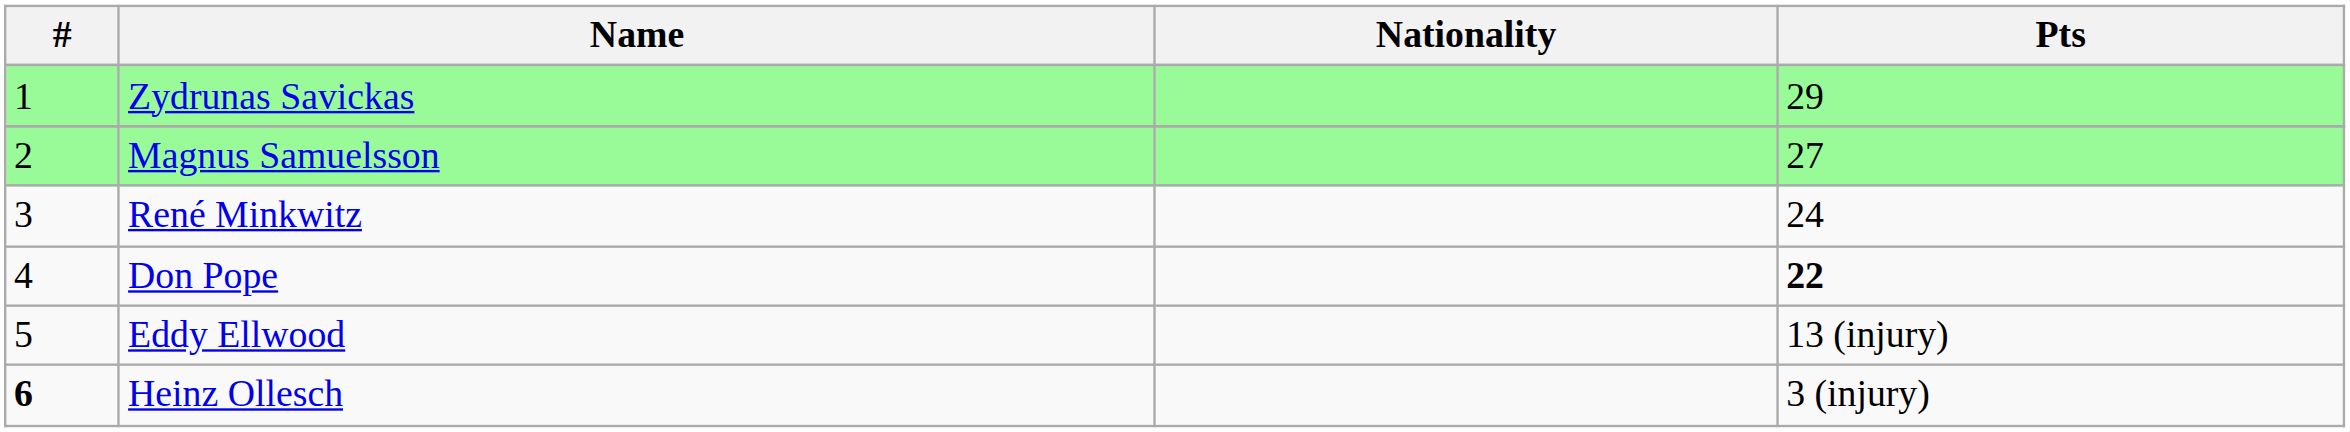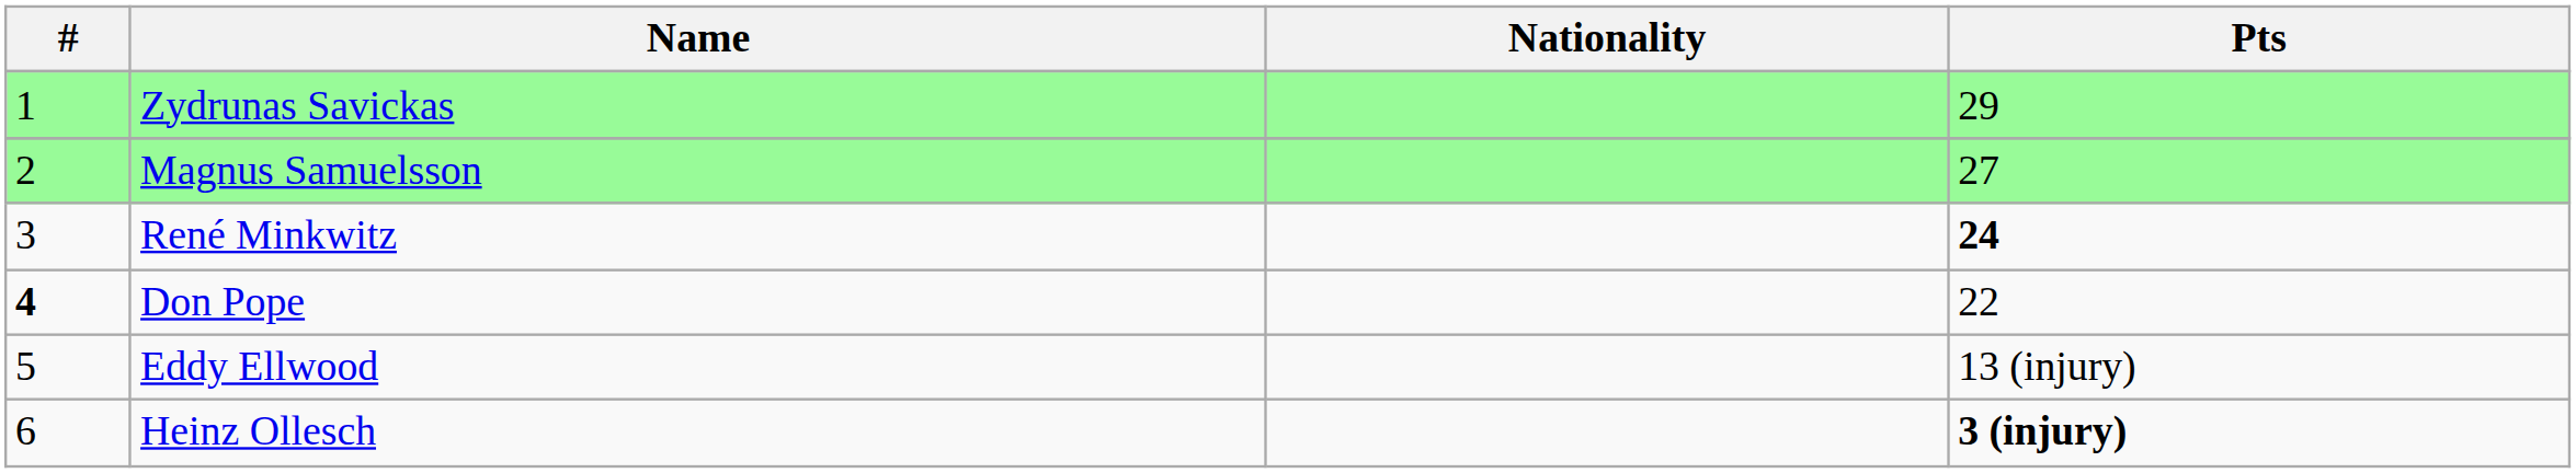 <table class="wikitable" style="display: inline-table; width: 50%;">
 <tr>
 <th>#</th>
 <th>Name</th>
 <th>Nationality</th>
 <th>Pts</th>
 </tr>
 <tr>
 </tr>
 <tr style="background:palegreen;">
 <td>1</td>
 <td><a href='#'>Zydrunas Savickas</a></td>
 <td></td>
 <td>29</td>
 </tr>
 <tr>
 </tr>
 <tr style="background:palegreen;">
 <td>2</td>
 <td><a href='#'>Magnus Samuelsson</a></td>
 <td></td>
 <td>27</td>
 </tr>
 <tr>
 <td>3</td>
 <td><a href='#'>René Minkwitz</a></td>
 <td></td>
-<td>24</td>
+<td><strong>24</strong></td>
 </tr>
 <tr>
-<td>4</td>
+<td><strong>4</strong></td>
 <td><a href='#'>Don Pope</a></td>
 <td></td>
-<td><strong>22</strong></td>
+<td>22</td>
 </tr>
 <tr>
 <td>5</td>
 <td><a href='#'>Eddy Ellwood</a></td>
 <td></td>
 <td>13 (injury)</td>
 </tr>
 <tr>
-<td><strong>6</strong></td>
+<td>6</td>
 <td><a href='#'>Heinz Ollesch</a></td>
 <td></td>
-<td>3 (injury)</td>
+<td><strong>3 (injury)</strong></td>
 </tr>
 </table>
